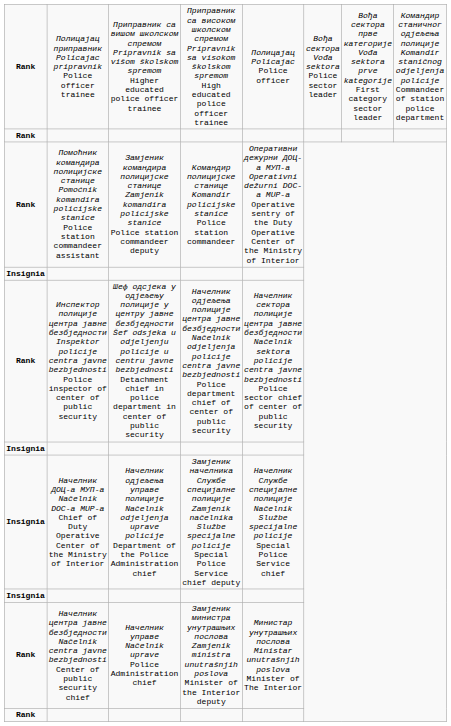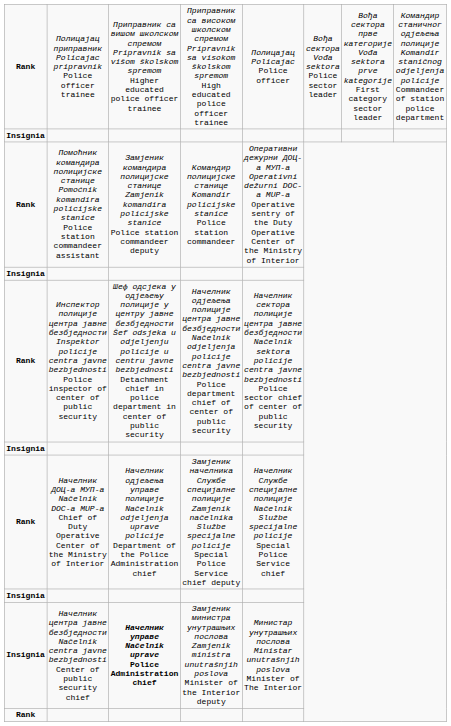 <table class="wikitable" style="text-align:center">
 <tr>
 <td><strong>Rank</strong></td>
 <td><em>Полицајац приправник</em><br><em>Policajac pripravnik</em><br>Police officer trainee</td>
 <td><em>Приправник са вишом школском спремом</em><br><em>Pripravnik sa višom školskom spremom</em><br>Higher educated police officer trainee</td>
 <td><em>Приправник са високом школском спремом</em><br><em>Pripravnik sa visokom školskom spremom</em><br>High educated police officer trainee</td>
 <td><em>Полицајац</em><br><em>Policajac</em><br>Police officer</td>
 <td><em>Вођа сектора</em><br><em>Vođa sektora</em><br>Police sector leader</td>
 <td><em>Вођа сектора прве категорије</em><br><em>Vođa sektora prve kategorije</em><br>First category sector leader</td>
 <td><em>Командир станичног одјељења полиције</em><br><em>Komandir staničnog odjeljenja policije</em><br>Commandeer of station police department</td>
 </tr>
 <tr>
-<td><strong>Rank</strong></td>
+<td><strong>Insignia</strong></td>
 <td></td>
 <td></td>
 <td></td>
 <td></td>
 <td></td>
 <td></td>
 <td></td>
 </tr>
 <tr>
 <td><strong>Rank</strong></td>
 <td><em>Помоћник командира полицијске станице</em><br><em>Pomoćnik komandira policijske stanice</em><br>Police station commandeer assistant</td>
 <td><em>Замјеник командира полицијске станице</em><br><em>Zamjenik komandira policijske stanice</em><br>Police station commandeer deputy</td>
 <td><em>Командир полицијске станице</em><br><em>Komandir policijske stanice</em><br>Police station commandeer</td>
 <td><em>Оперативни дежурни ДОЦ-а МУП-а</em><br><em>Operativni dežurni DOC-a MUP-a</em><br>Operative sentry of the Duty Operative Center of the Ministry of Interior</td>
 </tr>
 <tr>
 <td><strong>Insignia</strong></td>
 <td></td>
 <td></td>
 <td></td>
 <td></td>
 </tr>
 <tr>
 <td><strong>Rank</strong></td>
 <td><em>Инспектор полиције центра јавне безбједности</em><br><em>Inspektor policije centra javne bezbjednosti</em><br>Police inspector of center of public security</td>
 <td><em>Шеф одсјека у одјељењу полиције у центру јавне безбједности</em><br><em>Šef odsjeka u odjeljenju policije u centru javne bezbjednosti</em><br>Detachment chief in police department in center of public security</td>
 <td><em>Начелник одјељења полиције центра јавне безбједности</em><br><em>Načelnik odjeljenja policije centra javne bezbjednosti</em><br>Police department chief of center of public security</td>
 <td><em>Начелник сектора полиције центра јавне безбједности</em><br><em>Načelnik sektora policije centra javne bezbjednosti</em><br>Police sector chief of center of public security</td>
 </tr>
 <tr>
 <td><strong>Insignia</strong></td>
 <td></td>
 <td></td>
 <td></td>
 <td></td>
 </tr>
 <tr>
-<td><strong>Insignia</strong></td>
+<td><strong>Rank</strong></td>
 <td><em>Начелник ДОЦ-а МУП-а</em><br><em>Načelnik DOC-a MUP-a</em><br>Chief of Duty Operative Center of the Ministry of Interior</td>
 <td><em>Начелник одјељења управе полиције</em><br><em>Načelnik odjeljenja uprave policije</em><br>Department of the Police Administration chief</td>
 <td><em>Замјеник начелника Службе специјалне полиције</em><br><em>Zamjenik načelnika Službe specijalne policije</em><br>Special Police Service chief deputy</td>
 <td><em>Начелник Службе специјалне полиције</em><br><em>Načelnik Službe specijalne policije</em><br>Special Police Service chief</td>
 </tr>
 <tr>
 <td><strong>Insignia</strong></td>
 <td></td>
 <td></td>
 <td></td>
 <td></td>
 </tr>
 <tr>
-<td><strong>Rank</strong></td>
+<td><strong>Insignia </strong></td>
 <td><em>Начелник центра јавне безбједности</em><br><em>Načelnik centra javne bezbjednosti</em><br>Center of public security chief</td>
-<td><em>Начелник управе</em><br><em>Načelnik uprave</em><br>Police Administration chief</td>
+<td><strong><em>Начелник управе</em><br><em>Načelnik uprave</em><br>Police Administration chief</strong></td>
 <td><em>Замјеник министра унутрашњих послова</em><br><em>Zamjenik ministra unutrašnjih poslova</em><br>Minister of the Interior deputy</td>
 <td><em>Министар унутрашњих послова</em><br><em>Ministar unutrašnjih poslova</em><br>Minister of The Interior</td>
 </tr>
 <tr>
 <td><strong>Rank</strong></td>
 <td></td>
 <td></td>
 <td></td>
 <td></td>
 </tr>
 </table>
